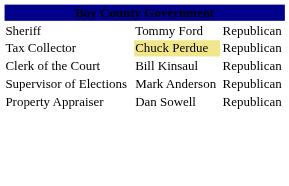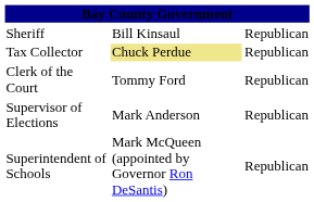 <table class="toccolours"  style="fixed:right; margin-left:1em; width:350px;">
 <tr>
 <th colspan="3" style="text-align: center; background:darkblue"><span>Bay County Government</span></th>
 </tr>
 <tr>
 <td>Sheriff</td>
-<td>Tommy Ford </td>
+<td>Bill Kinsaul</td>
 <td><span>Republican</span></td>
 </tr>
 <tr>
 <td>Tax Collector</td>
 <td style="background: khaki;">Chuck Perdue</td>
 <td><span>Republican</span></td>
 </tr>
 <tr>
 <td>Clerk of the Court</td>
-<td>Bill Kinsaul</td>
+<td>Tommy Ford </td>
 <td><span>Republican</span></td>
 </tr>
 <tr>
 <td>Supervisor of Elections</td>
 <td>Mark Anderson</td>
 <td><span>Republican</span></td>
 </tr>
 <tr>
-<td>Property Appraiser</td>
-<td>Dan Sowell</td>
+<td>Superintendent of Schools</td>
+<td>Mark McQueen (appointed by Governor <a href='#'>Ron DeSantis</a>)</td>
 <td><span>Republican</span></td>
 </tr>
 <tr>
 </tr>
 </table>
